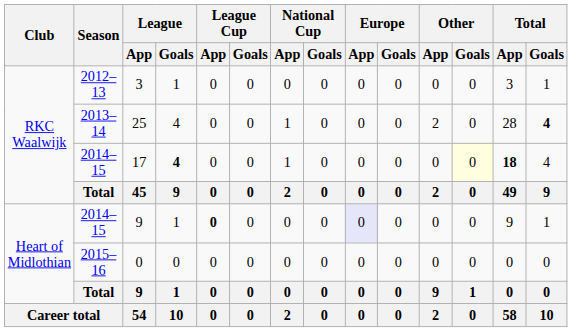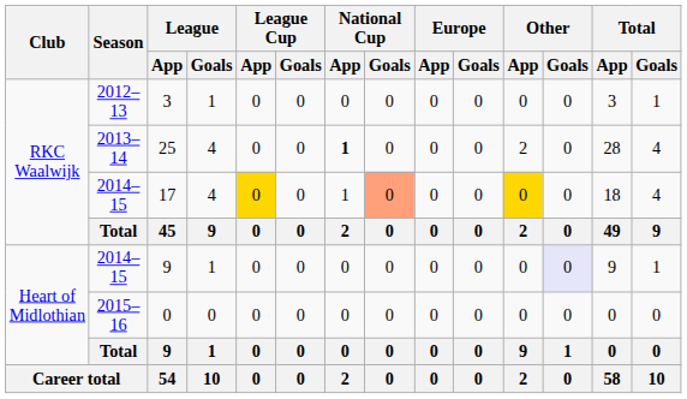 <table class="wikitable">
 <tr>
 <th rowspan=2>Club</th>
 <th rowspan=2>Season</th>
 <th colspan=2>League</th>
 <th colspan=2>League Cup</th>
 <th colspan=2>National Cup</th>
 <th colspan=2>Europe</th>
 <th colspan=2>Other</th>
 <th colspan=2>Total</th>
 </tr>
 <tr>
 <th>App</th>
 <th>Goals</th>
 <th>App</th>
 <th>Goals</th>
 <th>App</th>
 <th>Goals</th>
 <th>App</th>
 <th>Goals</th>
 <th>App</th>
 <th>Goals</th>
 <th>App</th>
 <th>Goals</th>
 </tr>
 <tr align=center>
 <td rowspan=4><a href='#'>RKC Waalwijk</a></td>
 <td><a href='#'>2012–13</a></td>
 <td>3</td>
 <td>1</td>
 <td>0</td>
 <td>0</td>
 <td>0</td>
 <td>0</td>
 <td>0</td>
 <td>0</td>
 <td>0</td>
 <td>0</td>
 <td>3</td>
 <td>1</td>
 </tr>
 <tr align=center>
 <td><a href='#'>2013–14</a></td>
 <td>25</td>
 <td>4</td>
 <td>0</td>
 <td>0</td>
-<td>1</td>
+<td><strong>1</strong></td>
 <td>0</td>
 <td>0</td>
 <td>0</td>
 <td>2</td>
 <td>0</td>
 <td>28</td>
-<td><strong>4</strong></td>
+<td>4</td>
 </tr>
 <tr align=center>
 <td><a href='#'>2014–15</a></td>
 <td>17</td>
-<td><strong>4</strong></td>
+<td>4</td>
+<td style="background: gold;">0</td>
+<td>0</td>
+<td>1</td>
+<td style="background: lightsalmon;">0</td>
 <td>0</td>
 <td>0</td>
-<td>1</td>
+<td style="background: gold;">0</td>
 <td>0</td>
-<td>0</td>
-<td>0</td>
-<td>0</td>
-<td style="background: lightyellow;">0</td>
-<td><strong>18</strong></td>
+<td>18</td>
 <td>4</td>
 </tr>
 <tr>
 <th>Total</th>
 <th>45</th>
 <th>9</th>
 <th>0</th>
 <th>0</th>
 <th>2</th>
 <th>0</th>
 <th>0</th>
 <th>0</th>
 <th>2</th>
 <th>0</th>
 <th>49</th>
 <th>9</th>
 </tr>
 <tr align=center>
 <td rowspan=3><a href='#'>Heart of Midlothian</a></td>
 <td><a href='#'>2014–15</a></td>
 <td>9</td>
 <td>1</td>
-<td><strong>0</strong></td>
+<td>0</td>
+<td>0</td>
+<td>0</td>
+<td>0</td>
 <td>0</td>
 <td>0</td>
 <td>0</td>
 <td style="background: lavender;">0</td>
-<td>0</td>
-<td>0</td>
-<td>0</td>
 <td>9</td>
 <td>1</td>
 </tr>
 <tr align=center>
 <td><a href='#'>2015–16</a></td>
 <td>0</td>
 <td>0</td>
 <td>0</td>
 <td>0</td>
 <td>0</td>
 <td>0</td>
 <td>0</td>
 <td>0</td>
 <td>0</td>
 <td>0</td>
 <td>0</td>
 <td>0   </td>
 </tr>
 <tr>
 <th>Total</th>
 <th>9</th>
 <th>1</th>
 <th>0</th>
 <th>0</th>
 <th>0</th>
 <th>0</th>
 <th>0</th>
 <th>0</th>
 <th>9</th>
 <th>1</th>
 <th>0</th>
 <th>0</th>
 </tr>
 <tr>
 <th colspan="2">Career total</th>
 <th>54</th>
 <th>10</th>
 <th>0</th>
 <th>0</th>
 <th>2</th>
 <th>0</th>
 <th>0</th>
 <th>0</th>
 <th>2</th>
 <th>0</th>
 <th>58</th>
 <th>10</th>
 </tr>
 </table>
